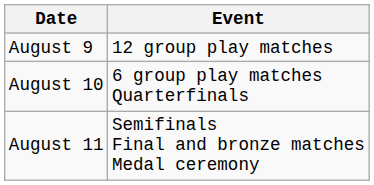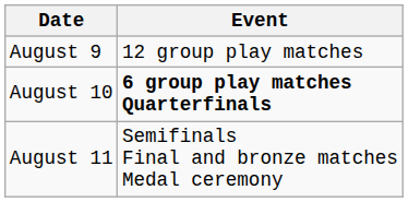 <table class="wikitable sortable">
 <tr>
 <th>Date</th>
 <th>Event</th>
 </tr>
 <tr>
 <td>August 9</td>
 <td>12 group play matches</td>
 </tr>
 <tr>
 <td>August 10</td>
-<td>6 group play matches <br> Quarterfinals</td>
+<td><strong>6 group play matches <br> Quarterfinals</strong></td>
 </tr>
 <tr>
 <td>August 11</td>
 <td>Semifinals <br> Final and bronze matches <br> Medal ceremony</td>
 </tr>
 </table>
